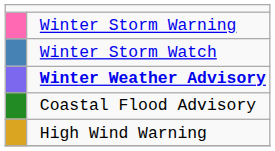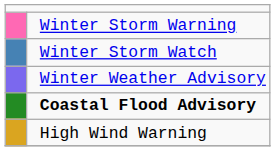 <table class="wikitable"  style="float:right; margin:1em; margin-top:0;">
 <tr>
 <td colspan="6" style="text-align:center;"></td>
 </tr>
 <tr>
 <td style="width:10px; height:10px; background:#ff69b4;"></td>
 <td> <a href='#'>Winter Storm Warning</a></td>
 </tr>
 <tr>
 <td style="width:10px; height:10px; background:#4682b4;"></td>
 <td> <a href='#'>Winter Storm Watch</a></td>
 </tr>
 <tr>
 <td style="width:10px; height:10px; background:#7b68ee;"></td>
-<td><strong> <a href='#'>Winter Weather Advisory</a></strong></td>
+<td> <a href='#'>Winter Weather Advisory</a></td>
 </tr>
 <tr>
 <td style="width:10px; height:10px; background:#238b23;"></td>
-<td> Coastal Flood Advisory</td>
+<td><strong> Coastal Flood Advisory</strong></td>
 </tr>
 <tr>
 <td style="width:10px; height:10px; background:#daa520;"></td>
 <td> High Wind Warning</td>
 </tr>
 <tr>
 </tr>
 </table>
